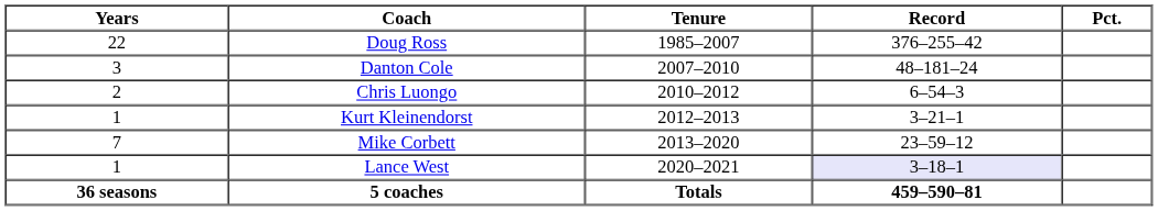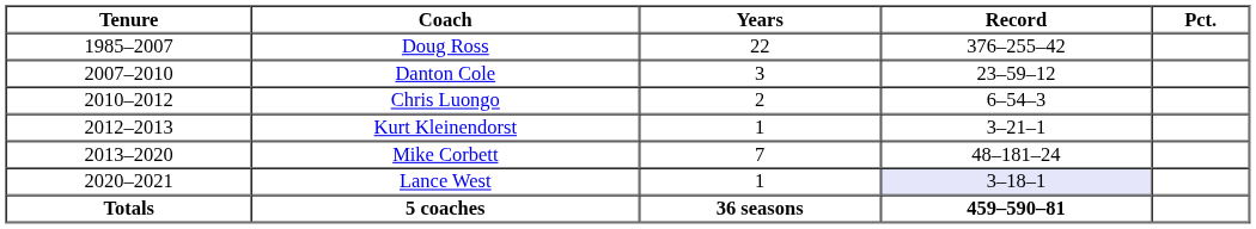 <table cellpadding="1" border="1" cellspacing="0" width="80%">
 <tr>
+<th>Tenure</th>
+<th>Coach</th>
 <th>Years</th>
-<th>Coach</th>
-<th>Tenure</th>
 <th>Record</th>
 <th>Pct.</th>
 </tr>
 <tr align="center">
+<td>1985–2007</td>
+<td><a href='#'>Doug Ross</a></td>
 <td>22</td>
-<td><a href='#'>Doug Ross</a></td>
-<td>1985–2007</td>
 <td>376–255–42</td>
 <td></td>
 </tr>
 <tr align="center">
+<td>2007–2010</td>
+<td><a href='#'>Danton Cole</a></td>
 <td>3</td>
-<td><a href='#'>Danton Cole</a></td>
-<td>2007–2010</td>
+<td>23–59–12</td>
+<td></td>
+</tr>
+<tr align="center">
+<td>2010–2012</td>
+<td><a href='#'>Chris Luongo</a></td>
+<td>2</td>
+<td>6–54–3</td>
+<td></td>
+</tr>
+<tr align="center">
+<td>2012–2013</td>
+<td><a href='#'>Kurt Kleinendorst</a></td>
+<td>1</td>
+<td>3–21–1</td>
+<td></td>
+</tr>
+<tr align="center">
+<td>2013–2020</td>
+<td><a href='#'>Mike Corbett</a></td>
+<td>7</td>
 <td>48–181–24</td>
 <td></td>
 </tr>
 <tr align="center">
-<td>2</td>
-<td><a href='#'>Chris Luongo</a></td>
-<td>2010–2012</td>
-<td>6–54–3</td>
-<td></td>
-</tr>
-<tr align="center">
+<td>2020–2021</td>
+<td><a href='#'>Lance West</a></td>
 <td>1</td>
-<td><a href='#'>Kurt Kleinendorst</a></td>
-<td>2012–2013</td>
-<td>3–21–1</td>
-<td></td>
-</tr>
-<tr align="center">
-<td>7</td>
-<td><a href='#'>Mike Corbett</a></td>
-<td>2013–2020</td>
-<td>23–59–12</td>
-<td></td>
-</tr>
-<tr align="center">
-<td>1</td>
-<td><a href='#'>Lance West</a></td>
-<td>2020–2021</td>
 <td style="background: lavender;">3–18–1</td>
 <td></td>
 </tr>
 <tr align=center>
+<th>Totals</th>
+<th>5 coaches</th>
 <th>36 seasons</th>
-<th>5 coaches</th>
-<th>Totals</th>
 <th>459–590–81</th>
 <th></th>
 </tr>
 </table>
